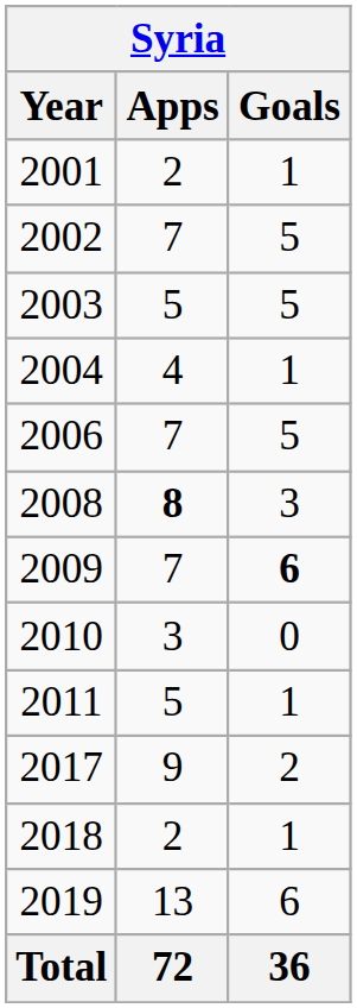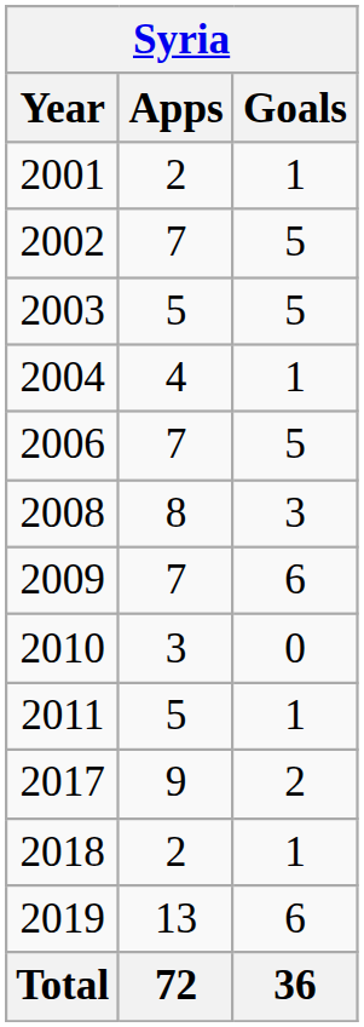 <table class="wikitable" style="text-align:center">
 <tr>
 <th colspan=3><a href='#'>Syria</a></th>
 </tr>
 <tr>
 <th>Year</th>
 <th>Apps</th>
 <th>Goals</th>
 </tr>
 <tr>
 <td>2001</td>
 <td>2</td>
 <td>1</td>
 </tr>
 <tr>
 <td>2002</td>
 <td>7</td>
 <td>5</td>
 </tr>
 <tr>
 <td>2003</td>
 <td>5</td>
 <td>5</td>
 </tr>
 <tr>
 <td>2004</td>
 <td>4</td>
 <td>1</td>
 </tr>
 <tr>
 <td>2006</td>
 <td>7</td>
 <td>5</td>
 </tr>
 <tr>
 <td>2008</td>
-<td><strong>8</strong></td>
+<td>8</td>
 <td>3</td>
 </tr>
 <tr>
 <td>2009</td>
 <td>7</td>
-<td><strong>6</strong></td>
+<td>6</td>
 </tr>
 <tr>
 <td>2010</td>
 <td>3</td>
 <td>0</td>
 </tr>
 <tr>
 <td>2011</td>
 <td>5</td>
 <td>1</td>
 </tr>
 <tr>
 <td>2017</td>
 <td>9</td>
 <td>2</td>
 </tr>
 <tr>
 <td>2018</td>
 <td>2</td>
 <td>1</td>
 </tr>
 <tr>
 <td>2019</td>
 <td>13</td>
 <td>6</td>
 </tr>
 <tr>
 <th>Total</th>
 <th>72</th>
 <th>36</th>
 </tr>
 </table>
